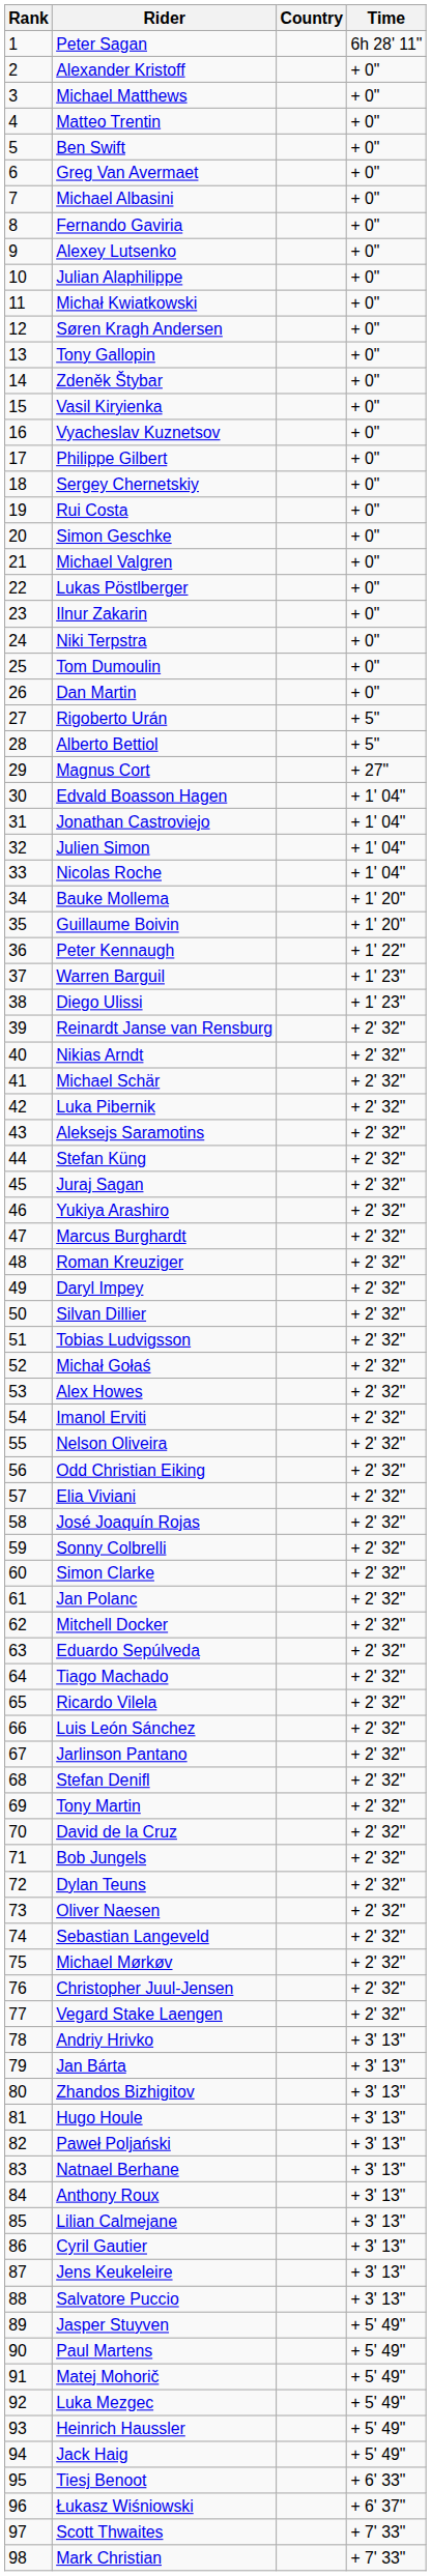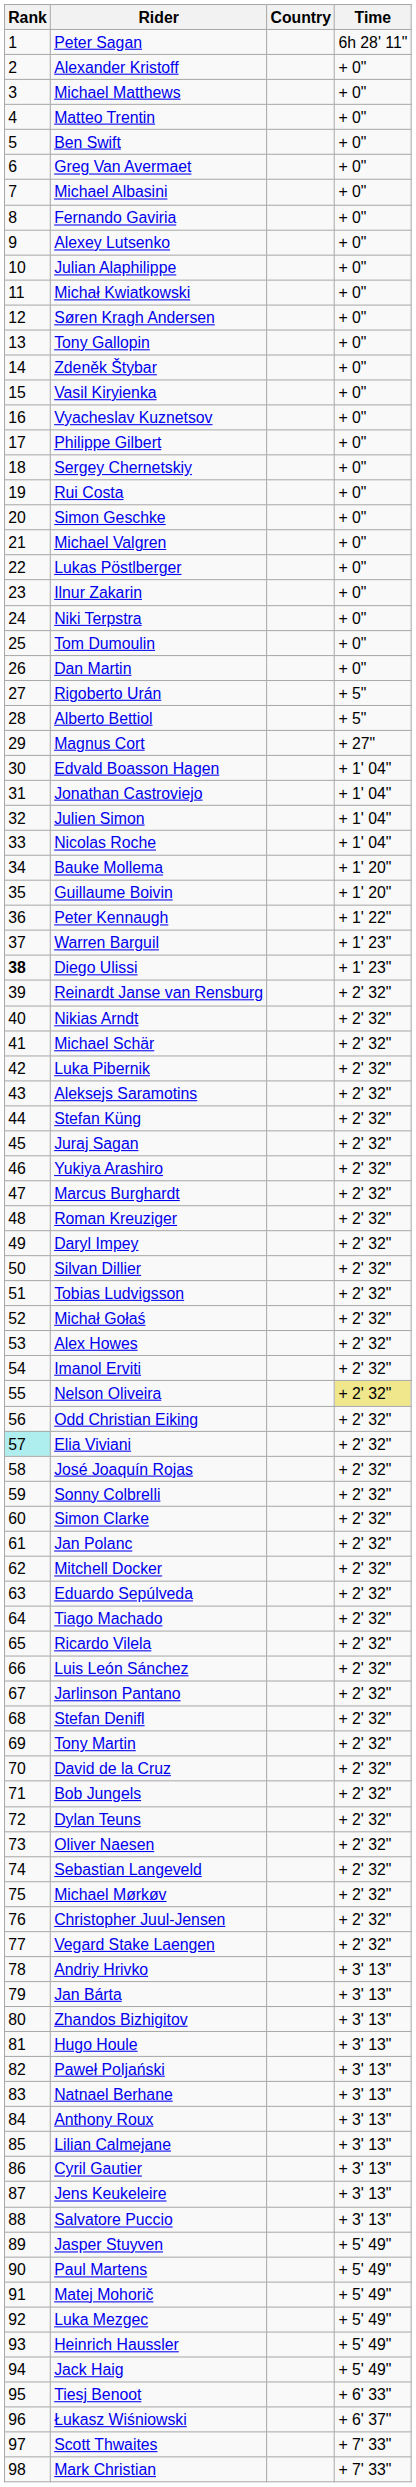 <table class="wikitable" style="font-size:95%; text-align:left;">
 <tr>
 <th>Rank</th>
 <th>Rider</th>
 <th>Country</th>
 <th>Time</th>
 </tr>
 <tr>
 <td>1</td>
 <td><a href='#'>Peter Sagan</a></td>
 <td></td>
 <td>6h 28' 11"</td>
 </tr>
 <tr>
 <td>2</td>
 <td><a href='#'>Alexander Kristoff</a></td>
 <td></td>
 <td>+ 0"</td>
 </tr>
 <tr>
 <td>3</td>
 <td><a href='#'>Michael Matthews</a></td>
 <td></td>
 <td>+ 0"</td>
 </tr>
 <tr>
 <td>4</td>
 <td><a href='#'>Matteo Trentin</a></td>
 <td></td>
 <td>+ 0"</td>
 </tr>
 <tr>
 <td>5</td>
 <td><a href='#'>Ben Swift</a></td>
 <td></td>
 <td>+ 0"</td>
 </tr>
 <tr>
 <td>6</td>
 <td><a href='#'>Greg Van Avermaet</a></td>
 <td></td>
 <td>+ 0"</td>
 </tr>
 <tr>
 <td>7</td>
 <td><a href='#'>Michael Albasini</a></td>
 <td></td>
 <td>+ 0"</td>
 </tr>
 <tr>
 <td>8</td>
 <td><a href='#'>Fernando Gaviria</a></td>
 <td></td>
 <td>+ 0"</td>
 </tr>
 <tr>
 <td>9</td>
 <td><a href='#'>Alexey Lutsenko</a></td>
 <td></td>
 <td>+ 0"</td>
 </tr>
 <tr>
 <td>10</td>
 <td><a href='#'>Julian Alaphilippe</a></td>
 <td></td>
 <td>+ 0"</td>
 </tr>
 <tr>
 <td>11</td>
 <td><a href='#'>Michał Kwiatkowski</a></td>
 <td></td>
 <td>+ 0"</td>
 </tr>
 <tr>
 <td>12</td>
 <td><a href='#'>Søren Kragh Andersen</a></td>
 <td></td>
 <td>+ 0"</td>
 </tr>
 <tr>
 <td>13</td>
 <td><a href='#'>Tony Gallopin</a></td>
 <td></td>
 <td>+ 0"</td>
 </tr>
 <tr>
 <td>14</td>
 <td><a href='#'>Zdeněk Štybar</a></td>
 <td></td>
 <td>+ 0"</td>
 </tr>
 <tr>
 <td>15</td>
 <td><a href='#'>Vasil Kiryienka</a></td>
 <td></td>
 <td>+ 0"</td>
 </tr>
 <tr>
 <td>16</td>
 <td><a href='#'>Vyacheslav Kuznetsov</a></td>
 <td></td>
 <td>+ 0"</td>
 </tr>
 <tr>
 <td>17</td>
 <td><a href='#'>Philippe Gilbert</a></td>
 <td></td>
 <td>+ 0"</td>
 </tr>
 <tr>
 <td>18</td>
 <td><a href='#'>Sergey Chernetskiy</a></td>
 <td></td>
 <td>+ 0"</td>
 </tr>
 <tr>
 <td>19</td>
 <td><a href='#'>Rui Costa</a></td>
 <td></td>
 <td>+ 0"</td>
 </tr>
 <tr>
 <td>20</td>
 <td><a href='#'>Simon Geschke</a></td>
 <td></td>
 <td>+ 0"</td>
 </tr>
 <tr>
 <td>21</td>
 <td><a href='#'>Michael Valgren</a></td>
 <td></td>
 <td>+ 0"</td>
 </tr>
 <tr>
 <td>22</td>
 <td><a href='#'>Lukas Pöstlberger</a></td>
 <td></td>
 <td>+ 0"</td>
 </tr>
 <tr>
 <td>23</td>
 <td><a href='#'>Ilnur Zakarin</a></td>
 <td></td>
 <td>+ 0"</td>
 </tr>
 <tr>
 <td>24</td>
 <td><a href='#'>Niki Terpstra</a></td>
 <td></td>
 <td>+ 0"</td>
 </tr>
 <tr>
 <td>25</td>
 <td><a href='#'>Tom Dumoulin</a></td>
 <td></td>
 <td>+ 0"</td>
 </tr>
 <tr>
 <td>26</td>
 <td><a href='#'>Dan Martin</a></td>
 <td></td>
 <td>+ 0"</td>
 </tr>
 <tr>
 <td>27</td>
 <td><a href='#'>Rigoberto Urán</a></td>
 <td></td>
 <td>+ 5"</td>
 </tr>
 <tr>
 <td>28</td>
 <td><a href='#'>Alberto Bettiol</a></td>
 <td></td>
 <td>+ 5"</td>
 </tr>
 <tr>
 <td>29</td>
 <td><a href='#'>Magnus Cort</a></td>
 <td></td>
 <td>+ 27"</td>
 </tr>
 <tr>
 <td>30</td>
 <td><a href='#'>Edvald Boasson Hagen</a></td>
 <td></td>
 <td>+ 1' 04"</td>
 </tr>
 <tr>
 <td>31</td>
 <td><a href='#'>Jonathan Castroviejo</a></td>
 <td></td>
 <td>+ 1' 04"</td>
 </tr>
 <tr>
 <td>32</td>
 <td><a href='#'>Julien Simon</a></td>
 <td></td>
 <td>+ 1' 04"</td>
 </tr>
 <tr>
 <td>33</td>
 <td><a href='#'>Nicolas Roche</a></td>
 <td></td>
 <td>+ 1' 04"</td>
 </tr>
 <tr>
 <td>34</td>
 <td><a href='#'>Bauke Mollema</a></td>
 <td></td>
 <td>+ 1' 20"</td>
 </tr>
 <tr>
 <td>35</td>
 <td><a href='#'>Guillaume Boivin</a></td>
 <td></td>
 <td>+ 1' 20"</td>
 </tr>
 <tr>
 <td>36</td>
 <td><a href='#'>Peter Kennaugh</a></td>
 <td></td>
 <td>+ 1' 22"</td>
 </tr>
 <tr>
 <td>37</td>
 <td><a href='#'>Warren Barguil</a></td>
 <td></td>
 <td>+ 1' 23"</td>
 </tr>
 <tr>
-<td>38</td>
+<td><strong>38</strong></td>
 <td><a href='#'>Diego Ulissi</a></td>
 <td></td>
 <td>+ 1' 23"</td>
 </tr>
 <tr>
 <td>39</td>
 <td><a href='#'>Reinardt Janse van Rensburg</a></td>
 <td></td>
 <td>+ 2' 32"</td>
 </tr>
 <tr>
 <td>40</td>
 <td><a href='#'>Nikias Arndt</a></td>
 <td></td>
 <td>+ 2' 32"</td>
 </tr>
 <tr>
 <td>41</td>
 <td><a href='#'>Michael Schär</a></td>
 <td></td>
 <td>+ 2' 32"</td>
 </tr>
 <tr>
 <td>42</td>
 <td><a href='#'>Luka Pibernik</a></td>
 <td></td>
 <td>+ 2' 32"</td>
 </tr>
 <tr>
 <td>43</td>
 <td><a href='#'>Aleksejs Saramotins</a></td>
 <td></td>
 <td>+ 2' 32"</td>
 </tr>
 <tr>
 <td>44</td>
 <td><a href='#'>Stefan Küng</a></td>
 <td></td>
 <td>+ 2' 32"</td>
 </tr>
 <tr>
 <td>45</td>
 <td><a href='#'>Juraj Sagan</a></td>
 <td></td>
 <td>+ 2' 32"</td>
 </tr>
 <tr>
 <td>46</td>
 <td><a href='#'>Yukiya Arashiro</a></td>
 <td></td>
 <td>+ 2' 32"</td>
 </tr>
 <tr>
 <td>47</td>
 <td><a href='#'>Marcus Burghardt</a></td>
 <td></td>
 <td>+ 2' 32"</td>
 </tr>
 <tr>
 <td>48</td>
 <td><a href='#'>Roman Kreuziger</a></td>
 <td></td>
 <td>+ 2' 32"</td>
 </tr>
 <tr>
 <td>49</td>
 <td><a href='#'>Daryl Impey</a></td>
 <td></td>
 <td>+ 2' 32"</td>
 </tr>
 <tr>
 <td>50</td>
 <td><a href='#'>Silvan Dillier</a></td>
 <td></td>
 <td>+ 2' 32"</td>
 </tr>
 <tr>
 <td>51</td>
 <td><a href='#'>Tobias Ludvigsson</a></td>
 <td></td>
 <td>+ 2' 32"</td>
 </tr>
 <tr>
 <td>52</td>
 <td><a href='#'>Michał Gołaś</a></td>
 <td></td>
 <td>+ 2' 32"</td>
 </tr>
 <tr>
 <td>53</td>
 <td><a href='#'>Alex Howes</a></td>
 <td></td>
 <td>+ 2' 32"</td>
 </tr>
 <tr>
 <td>54</td>
 <td><a href='#'>Imanol Erviti</a></td>
 <td></td>
 <td>+ 2' 32"</td>
 </tr>
 <tr>
 <td>55</td>
 <td><a href='#'>Nelson Oliveira</a></td>
 <td></td>
-<td>+ 2' 32"</td>
+<td style="background: khaki;">+ 2' 32"</td>
 </tr>
 <tr>
 <td>56</td>
 <td><a href='#'>Odd Christian Eiking</a></td>
 <td></td>
 <td>+ 2' 32"</td>
 </tr>
 <tr>
-<td>57</td>
+<td style="background: paleturquoise;">57</td>
 <td><a href='#'>Elia Viviani</a></td>
 <td></td>
 <td>+ 2' 32"</td>
 </tr>
 <tr>
 <td>58</td>
 <td><a href='#'>José Joaquín Rojas</a></td>
 <td></td>
 <td>+ 2' 32"</td>
 </tr>
 <tr>
 <td>59</td>
 <td><a href='#'>Sonny Colbrelli</a></td>
 <td></td>
 <td>+ 2' 32"</td>
 </tr>
 <tr>
 <td>60</td>
 <td><a href='#'>Simon Clarke</a></td>
 <td></td>
 <td>+ 2' 32"</td>
 </tr>
 <tr>
 <td>61</td>
 <td><a href='#'>Jan Polanc</a></td>
 <td></td>
 <td>+ 2' 32"</td>
 </tr>
 <tr>
 <td>62</td>
 <td><a href='#'>Mitchell Docker</a></td>
 <td></td>
 <td>+ 2' 32"</td>
 </tr>
 <tr>
 <td>63</td>
 <td><a href='#'>Eduardo Sepúlveda</a></td>
 <td></td>
 <td>+ 2' 32"</td>
 </tr>
 <tr>
 <td>64</td>
 <td><a href='#'>Tiago Machado</a></td>
 <td></td>
 <td>+ 2' 32"</td>
 </tr>
 <tr>
 <td>65</td>
 <td><a href='#'>Ricardo Vilela</a></td>
 <td></td>
 <td>+ 2' 32"</td>
 </tr>
 <tr>
 <td>66</td>
 <td><a href='#'>Luis León Sánchez</a></td>
 <td></td>
 <td>+ 2' 32"</td>
 </tr>
 <tr>
 <td>67</td>
 <td><a href='#'>Jarlinson Pantano</a></td>
 <td></td>
 <td>+ 2' 32"</td>
 </tr>
 <tr>
 <td>68</td>
 <td><a href='#'>Stefan Denifl</a></td>
 <td></td>
 <td>+ 2' 32"</td>
 </tr>
 <tr>
 <td>69</td>
 <td><a href='#'>Tony Martin</a></td>
 <td></td>
 <td>+ 2' 32"</td>
 </tr>
 <tr>
 <td>70</td>
 <td><a href='#'>David de la Cruz</a></td>
 <td></td>
 <td>+ 2' 32"</td>
 </tr>
 <tr>
 <td>71</td>
 <td><a href='#'>Bob Jungels</a></td>
 <td></td>
 <td>+ 2' 32"</td>
 </tr>
 <tr>
 <td>72</td>
 <td><a href='#'>Dylan Teuns</a></td>
 <td></td>
 <td>+ 2' 32"</td>
 </tr>
 <tr>
 <td>73</td>
 <td><a href='#'>Oliver Naesen</a></td>
 <td></td>
 <td>+ 2' 32"</td>
 </tr>
 <tr>
 <td>74</td>
 <td><a href='#'>Sebastian Langeveld</a></td>
 <td></td>
 <td>+ 2' 32"</td>
 </tr>
 <tr>
 <td>75</td>
 <td><a href='#'>Michael Mørkøv</a></td>
 <td></td>
 <td>+ 2' 32"</td>
 </tr>
 <tr>
 <td>76</td>
 <td><a href='#'>Christopher Juul-Jensen</a></td>
 <td></td>
 <td>+ 2' 32"</td>
 </tr>
 <tr>
 <td>77</td>
 <td><a href='#'>Vegard Stake Laengen</a></td>
 <td></td>
 <td>+ 2' 32"</td>
 </tr>
 <tr>
 <td>78</td>
 <td><a href='#'>Andriy Hrivko</a></td>
 <td></td>
 <td>+ 3' 13"</td>
 </tr>
 <tr>
 <td>79</td>
 <td><a href='#'>Jan Bárta</a></td>
 <td></td>
 <td>+ 3' 13"</td>
 </tr>
 <tr>
 <td>80</td>
 <td><a href='#'>Zhandos Bizhigitov</a></td>
 <td></td>
 <td>+ 3' 13"</td>
 </tr>
 <tr>
 <td>81</td>
 <td><a href='#'>Hugo Houle</a></td>
 <td></td>
 <td>+ 3' 13"</td>
 </tr>
 <tr>
 <td>82</td>
 <td><a href='#'>Paweł Poljański</a></td>
 <td></td>
 <td>+ 3' 13"</td>
 </tr>
 <tr>
 <td>83</td>
 <td><a href='#'>Natnael Berhane</a></td>
 <td></td>
 <td>+ 3' 13"</td>
 </tr>
 <tr>
 <td>84</td>
 <td><a href='#'>Anthony Roux</a></td>
 <td></td>
 <td>+ 3' 13"</td>
 </tr>
 <tr>
 <td>85</td>
 <td><a href='#'>Lilian Calmejane</a></td>
 <td></td>
 <td>+ 3' 13"</td>
 </tr>
 <tr>
 <td>86</td>
 <td><a href='#'>Cyril Gautier</a></td>
 <td></td>
 <td>+ 3' 13"</td>
 </tr>
 <tr>
 <td>87</td>
 <td><a href='#'>Jens Keukeleire</a></td>
 <td></td>
 <td>+ 3' 13"</td>
 </tr>
 <tr>
 <td>88</td>
 <td><a href='#'>Salvatore Puccio</a></td>
 <td></td>
 <td>+ 3' 13"</td>
 </tr>
 <tr>
 <td>89</td>
 <td><a href='#'>Jasper Stuyven</a></td>
 <td></td>
 <td>+ 5' 49"</td>
 </tr>
 <tr>
 <td>90</td>
 <td><a href='#'>Paul Martens</a></td>
 <td></td>
 <td>+ 5' 49"</td>
 </tr>
 <tr>
 <td>91</td>
 <td><a href='#'>Matej Mohorič</a></td>
 <td></td>
 <td>+ 5' 49"</td>
 </tr>
 <tr>
 <td>92</td>
 <td><a href='#'>Luka Mezgec</a></td>
 <td></td>
 <td>+ 5' 49"</td>
 </tr>
 <tr>
 <td>93</td>
 <td><a href='#'>Heinrich Haussler</a></td>
 <td></td>
 <td>+ 5' 49"</td>
 </tr>
 <tr>
 <td>94</td>
 <td><a href='#'>Jack Haig</a></td>
 <td></td>
 <td>+ 5' 49"</td>
 </tr>
 <tr>
 <td>95</td>
 <td><a href='#'>Tiesj Benoot</a></td>
 <td></td>
 <td>+ 6' 33"</td>
 </tr>
 <tr>
 <td>96</td>
 <td><a href='#'>Łukasz Wiśniowski</a></td>
 <td></td>
 <td>+ 6' 37"</td>
 </tr>
 <tr>
 <td>97</td>
 <td><a href='#'>Scott Thwaites</a></td>
 <td></td>
 <td>+ 7' 33"</td>
 </tr>
 <tr>
 <td>98</td>
 <td><a href='#'>Mark Christian</a></td>
 <td></td>
 <td>+ 7' 33"</td>
 </tr>
 </table>
